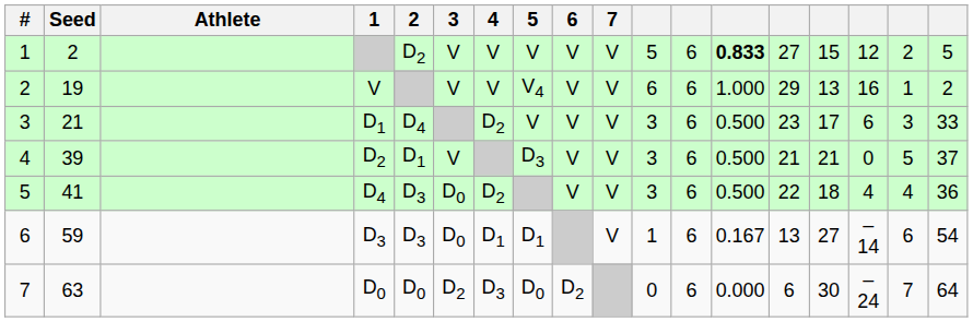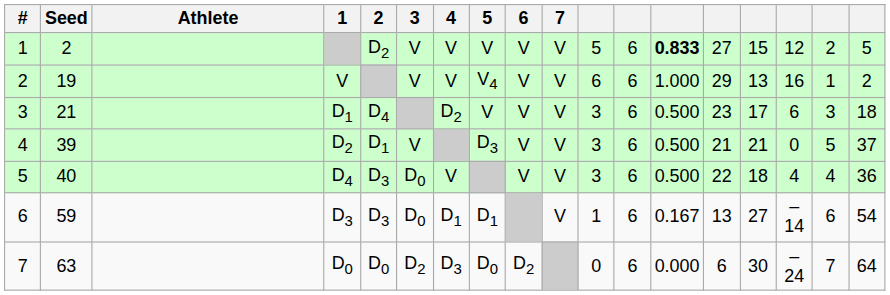 <table class="wikitable" style="text-align:center">
 <tr>
 <th width="25">#</th>
 <th width="25">Seed</th>
 <th width="200">Athlete</th>
 <th width="25">1</th>
 <th width="25">2</th>
 <th width="25">3</th>
 <th width="25">4</th>
 <th width="25">5</th>
 <th width="25">6</th>
 <th width="25">7</th>
 <th width="25"></th>
 <th width="25"></th>
 <th width="40"></th>
 <th width="25"></th>
 <th width="25"></th>
 <th width="25"></th>
 <th width="25"></th>
 <th width="25"></th>
 </tr>
 <tr bgcolor="#ccffcc">
 <td>1</td>
 <td>2</td>
 <td align=left></td>
 <td bgcolor="#cccccc"></td>
 <td>D<sub>2</sub></td>
 <td>V</td>
 <td>V</td>
 <td>V</td>
 <td>V</td>
 <td>V</td>
 <td>5</td>
 <td>6</td>
 <td><strong>0.833</strong></td>
 <td>27</td>
 <td>15</td>
 <td>12</td>
 <td>2</td>
 <td>5</td>
 </tr>
 <tr bgcolor="#ccffcc">
 <td>2</td>
 <td>19</td>
 <td align=left></td>
 <td>V</td>
 <td bgcolor="#cccccc"></td>
 <td>V</td>
 <td>V</td>
 <td>V<sub>4</sub></td>
 <td>V</td>
 <td>V</td>
 <td>6</td>
 <td>6</td>
 <td>1.000</td>
 <td>29</td>
 <td>13</td>
 <td>16</td>
 <td>1</td>
 <td>2</td>
 </tr>
 <tr bgcolor="#ccffcc">
 <td>3</td>
 <td>21</td>
 <td align=left></td>
 <td>D<sub>1</sub></td>
 <td>D<sub>4</sub></td>
 <td bgcolor="#cccccc"></td>
 <td>D<sub>2</sub></td>
 <td>V</td>
 <td>V</td>
 <td>V</td>
 <td>3</td>
 <td>6</td>
 <td>0.500</td>
 <td>23</td>
 <td>17</td>
 <td>6</td>
 <td>3</td>
-<td>33</td>
+<td>18</td>
 </tr>
 <tr bgcolor="#ccffcc">
 <td>4</td>
 <td>39</td>
 <td align=left></td>
 <td>D<sub>2</sub></td>
 <td>D<sub>1</sub></td>
 <td>V</td>
 <td bgcolor="#cccccc"></td>
 <td>D<sub>3</sub></td>
 <td>V</td>
 <td>V</td>
 <td>3</td>
 <td>6</td>
 <td>0.500</td>
 <td>21</td>
 <td>21</td>
 <td>0</td>
 <td>5</td>
 <td>37</td>
 </tr>
 <tr bgcolor="#ccffcc">
 <td>5</td>
-<td>41</td>
+<td>40</td>
 <td align=left></td>
 <td>D<sub>4</sub></td>
 <td>D<sub>3</sub></td>
 <td>D<sub>0</sub></td>
-<td>D<sub>2</sub></td>
+<td>V</td>
 <td bgcolor="#cccccc"></td>
 <td>V</td>
 <td>V</td>
 <td>3</td>
 <td>6</td>
 <td>0.500</td>
 <td>22</td>
 <td>18</td>
 <td>4</td>
 <td>4</td>
 <td>36</td>
 </tr>
 <tr>
 <td>6</td>
 <td>59</td>
 <td align=left></td>
 <td>D<sub>3</sub></td>
 <td>D<sub>3</sub></td>
 <td>D<sub>0</sub></td>
 <td>D<sub>1</sub></td>
 <td>D<sub>1</sub></td>
 <td bgcolor="#cccccc"></td>
 <td>V</td>
 <td>1</td>
 <td>6</td>
 <td>0.167</td>
 <td>13</td>
 <td>27</td>
 <td>–14</td>
 <td>6</td>
 <td>54</td>
 </tr>
 <tr>
 <td>7</td>
 <td>63</td>
 <td align=left></td>
 <td>D<sub>0</sub></td>
 <td>D<sub>0</sub></td>
 <td>D<sub>2</sub></td>
 <td>D<sub>3</sub></td>
 <td>D<sub>0</sub></td>
 <td>D<sub>2</sub></td>
 <td bgcolor="#cccccc"></td>
 <td>0</td>
 <td>6</td>
 <td>0.000</td>
 <td>6</td>
 <td>30</td>
 <td>–24</td>
 <td>7</td>
 <td>64</td>
 </tr>
 </table>
